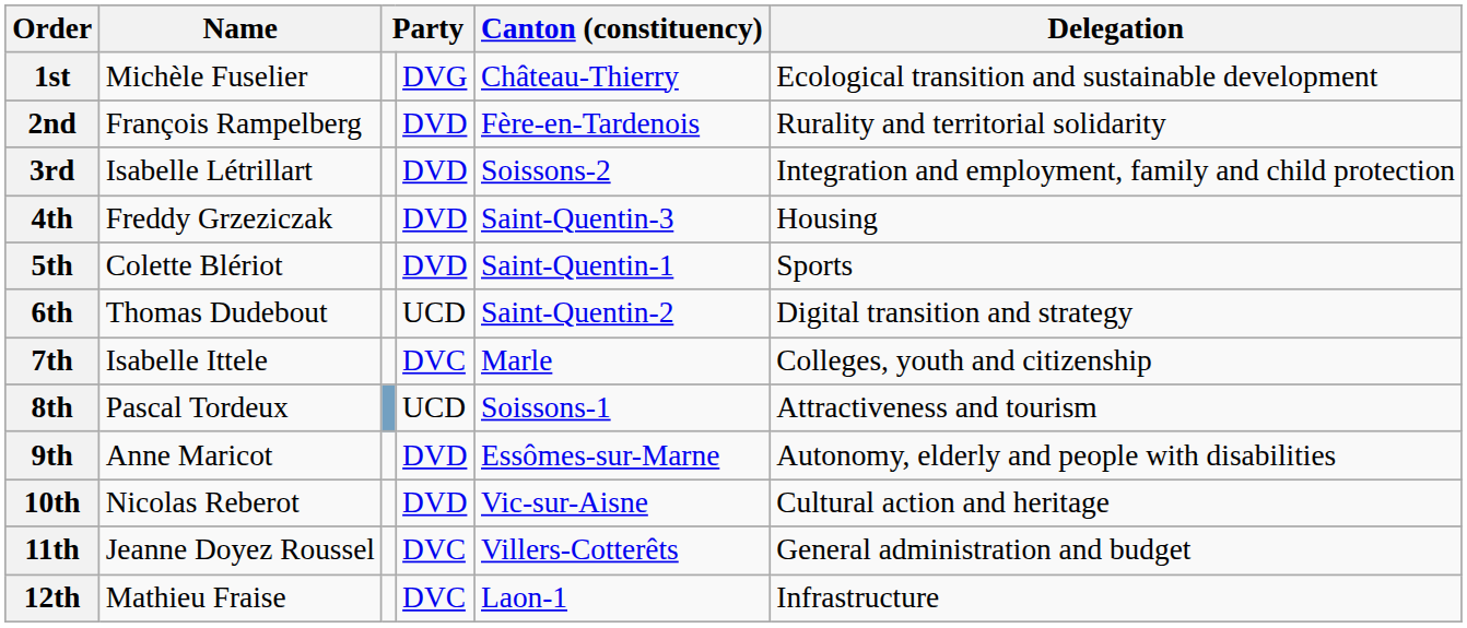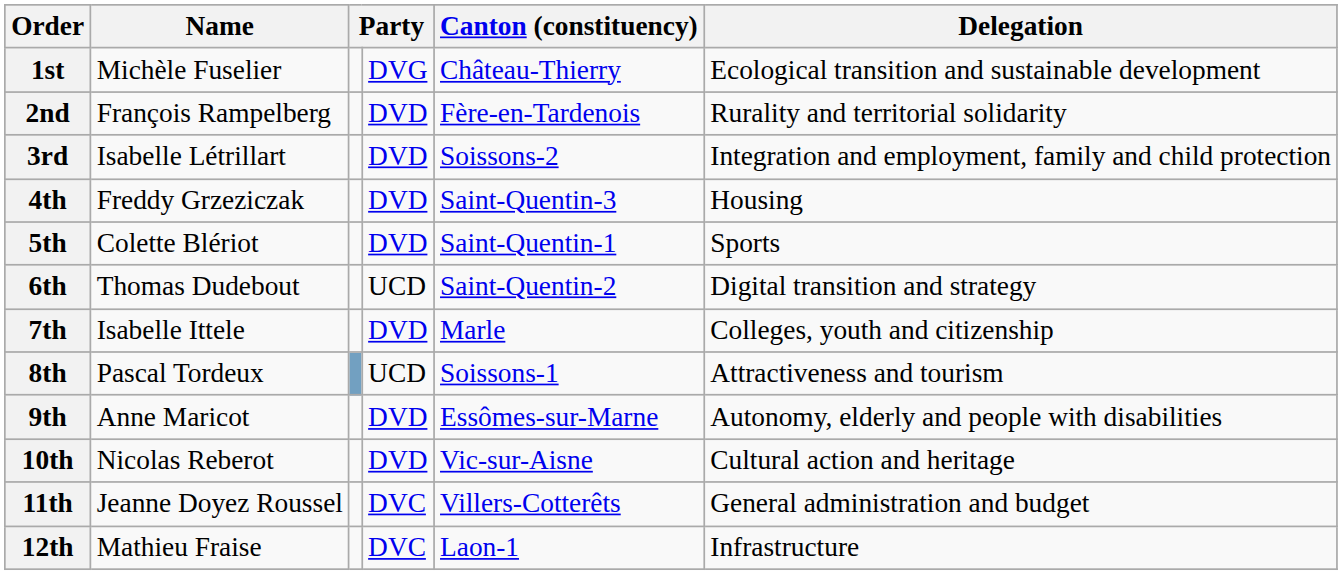 <table class="wikitable sortable">
 <tr>
 <th>Order</th>
 <th>Name</th>
 <th colspan="2">Party</th>
 <th><a href='#'>Canton</a> (constituency)</th>
 <th>Delegation</th>
 </tr>
 <tr>
 <th>1st</th>
 <td>Michèle Fuselier</td>
 <td style="color:inherit;background:"></td>
 <td><a href='#'>DVG</a></td>
 <td><a href='#'>Château-Thierry</a></td>
 <td>Ecological transition and sustainable development</td>
 </tr>
 <tr>
 <th>2nd</th>
 <td>François Rampelberg</td>
 <td style="color:inherit;background:"></td>
 <td><a href='#'>DVD</a></td>
 <td><a href='#'>Fère-en-Tardenois</a></td>
 <td>Rurality and territorial solidarity</td>
 </tr>
 <tr>
 <th>3rd</th>
 <td>Isabelle Létrillart</td>
 <td style="color:inherit;background:"></td>
 <td><a href='#'>DVD</a></td>
 <td><a href='#'>Soissons-2</a></td>
 <td>Integration and employment, family and child protection</td>
 </tr>
 <tr>
 <th>4th</th>
 <td>Freddy Grzeziczak</td>
 <td style="color:inherit;background:"></td>
 <td><a href='#'>DVD</a></td>
 <td><a href='#'>Saint-Quentin-3</a></td>
 <td>Housing</td>
 </tr>
 <tr>
 <th>5th</th>
 <td>Colette Blériot</td>
 <td style="color:inherit;background:"></td>
 <td><a href='#'>DVD</a></td>
 <td><a href='#'>Saint-Quentin-1</a></td>
 <td>Sports</td>
 </tr>
 <tr>
 <th>6th</th>
 <td>Thomas Dudebout</td>
 <td style="color:inherit;background:"></td>
 <td>UCD</td>
 <td><a href='#'>Saint-Quentin-2</a></td>
 <td>Digital transition and strategy</td>
 </tr>
 <tr>
 <th>7th</th>
 <td>Isabelle Ittele</td>
 <td style="color:inherit;background:"></td>
-<td><a href='#'>DVC</a></td>
+<td><a href='#'>DVD</a></td>
 <td><a href='#'>Marle</a></td>
 <td>Colleges, youth and citizenship</td>
 </tr>
 <tr>
 <th>8th</th>
 <td>Pascal Tordeux</td>
 <td bgcolor="72a0c1"></td>
 <td>UCD</td>
 <td><a href='#'>Soissons-1</a></td>
 <td>Attractiveness and tourism</td>
 </tr>
 <tr>
 <th>9th</th>
 <td>Anne Maricot</td>
 <td style="color:inherit;background:"></td>
 <td><a href='#'>DVD</a></td>
 <td><a href='#'>Essômes-sur-Marne</a></td>
 <td>Autonomy, elderly and people with disabilities</td>
 </tr>
 <tr>
 <th>10th</th>
 <td>Nicolas Reberot</td>
 <td style="color:inherit;background:"></td>
 <td><a href='#'>DVD</a></td>
 <td><a href='#'>Vic-sur-Aisne</a></td>
 <td>Cultural action and heritage</td>
 </tr>
 <tr>
 <th>11th</th>
 <td>Jeanne Doyez Roussel</td>
 <td style="color:inherit;background:"></td>
 <td><a href='#'>DVC</a></td>
 <td><a href='#'>Villers-Cotterêts</a></td>
 <td>General administration and budget</td>
 </tr>
 <tr>
 <th>12th</th>
 <td>Mathieu Fraise</td>
 <td style="color:inherit;background:"></td>
 <td><a href='#'>DVC</a></td>
 <td><a href='#'>Laon-1</a></td>
 <td>Infrastructure</td>
 </tr>
 </table>
